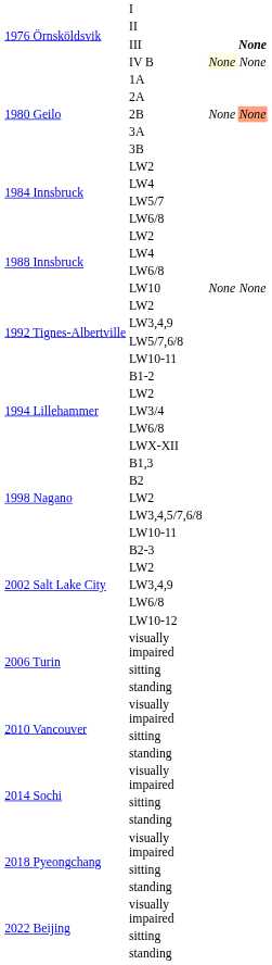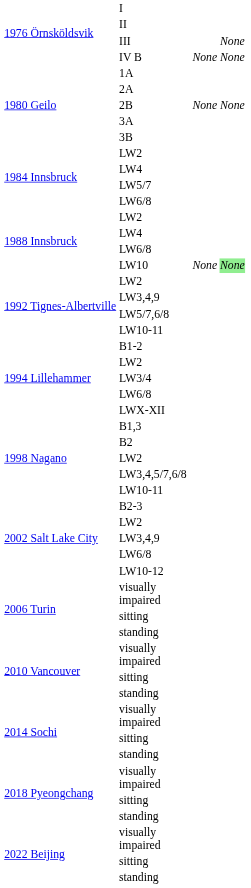 <table>
 <tr>
 <td rowspan="4"><a href='#'>1976 Örnsköldsvik</a><br></td>
 <td>I</td>
 <td></td>
 <td></td>
 <td></td>
 </tr>
 <tr>
 <td>II</td>
 <td></td>
 <td></td>
 <td></td>
 </tr>
 <tr>
 <td>III</td>
 <td></td>
 <td></td>
-<td align="center"><strong><em>None</em></strong></td>
+<td align="center"><em>None</em></td>
 </tr>
 <tr>
 <td>IV B</td>
 <td></td>
-<td align="center" style="background: lightyellow;"><em>None</em></td>
+<td align="center"><em>None</em></td>
 <td align="center"><em>None</em></td>
 </tr>
 <tr>
 <td rowspan="5"><a href='#'>1980 Geilo</a><br></td>
 <td>1A</td>
 <td></td>
 <td></td>
 <td></td>
 </tr>
 <tr>
 <td>2A</td>
 <td></td>
 <td></td>
 <td></td>
 </tr>
 <tr>
 <td>2B</td>
 <td></td>
 <td align="center"><em>None</em></td>
-<td align="center" style="background: lightsalmon;"><em>None</em></td>
+<td align="center"><em>None</em></td>
 </tr>
 <tr>
 <td>3A</td>
 <td></td>
 <td></td>
 <td></td>
 </tr>
 <tr>
 <td>3B</td>
 <td></td>
 <td></td>
 <td></td>
 </tr>
 <tr>
 <td rowspan="4"><a href='#'>1984 Innsbruck</a><br></td>
 <td>LW2</td>
 <td></td>
 <td></td>
 <td></td>
 </tr>
 <tr>
 <td>LW4</td>
 <td></td>
 <td></td>
 <td></td>
 </tr>
 <tr>
 <td>LW5/7</td>
 <td></td>
 <td></td>
 <td></td>
 </tr>
 <tr>
 <td>LW6/8</td>
 <td></td>
 <td></td>
 <td></td>
 </tr>
 <tr>
 <td rowspan="4"><a href='#'>1988 Innsbruck</a><br></td>
 <td>LW2</td>
 <td></td>
 <td></td>
 <td></td>
 </tr>
 <tr>
 <td>LW4</td>
 <td></td>
 <td></td>
 <td></td>
 </tr>
 <tr>
 <td>LW6/8</td>
 <td></td>
 <td></td>
 <td></td>
 </tr>
 <tr>
 <td>LW10</td>
 <td></td>
 <td align="center"><em>None</em></td>
-<td align="center"><em>None</em></td>
+<td align="center" style="background: lightgreen;"><em>None</em></td>
 </tr>
 <tr>
 <td rowspan="4"><a href='#'>1992 Tignes-Albertville</a><br></td>
 <td>LW2</td>
 <td></td>
 <td></td>
 <td></td>
 </tr>
 <tr>
 <td>LW3,4,9</td>
 <td></td>
 <td></td>
 <td></td>
 </tr>
 <tr>
 <td>LW5/7,6/8</td>
 <td></td>
 <td></td>
 <td></td>
 </tr>
 <tr>
 <td>LW10-11</td>
 <td></td>
 <td></td>
 <td></td>
 </tr>
 <tr>
 <td rowspan="5"><a href='#'>1994 Lillehammer</a><br></td>
 <td>B1-2</td>
 <td></td>
 <td></td>
 <td></td>
 </tr>
 <tr>
 <td>LW2</td>
 <td></td>
 <td></td>
 <td></td>
 </tr>
 <tr>
 <td>LW3/4</td>
 <td></td>
 <td></td>
 <td></td>
 </tr>
 <tr>
 <td>LW6/8</td>
 <td></td>
 <td></td>
 <td></td>
 </tr>
 <tr>
 <td>LWX-XII</td>
 <td></td>
 <td></td>
 <td></td>
 </tr>
 <tr>
 <td rowspan="5"><a href='#'>1998 Nagano</a><br></td>
 <td>B1,3</td>
 <td></td>
 <td></td>
 <td></td>
 </tr>
 <tr>
 <td>B2</td>
 <td></td>
 <td></td>
 <td></td>
 </tr>
 <tr>
 <td>LW2</td>
 <td></td>
 <td></td>
 <td></td>
 </tr>
 <tr>
 <td>LW3,4,5/7,6/8</td>
 <td></td>
 <td></td>
 <td></td>
 </tr>
 <tr>
 <td>LW10-11</td>
 <td></td>
 <td></td>
 <td></td>
 </tr>
 <tr>
 <td rowspan="5"><a href='#'>2002 Salt Lake City</a><br></td>
 <td>B2-3</td>
 <td></td>
 <td></td>
 <td></td>
 </tr>
 <tr>
 <td>LW2</td>
 <td></td>
 <td></td>
 <td></td>
 </tr>
 <tr>
 <td>LW3,4,9</td>
 <td></td>
 <td></td>
 <td></td>
 </tr>
 <tr>
 <td>LW6/8</td>
 <td></td>
 <td></td>
 <td></td>
 </tr>
 <tr>
 <td>LW10-12</td>
 <td></td>
 <td></td>
 <td></td>
 </tr>
 <tr>
 <td rowspan="3"><a href='#'>2006 Turin</a><br></td>
 <td>visually <br>impaired</td>
 <td></td>
 <td></td>
 <td></td>
 </tr>
 <tr>
 <td>sitting</td>
 <td></td>
 <td></td>
 <td></td>
 </tr>
 <tr>
 <td>standing</td>
 <td></td>
 <td></td>
 <td></td>
 </tr>
 <tr>
 <td rowspan="3"><a href='#'>2010 Vancouver</a><br></td>
 <td>visually <br>impaired</td>
 <td></td>
 <td></td>
 <td></td>
 </tr>
 <tr>
 <td>sitting</td>
 <td></td>
 <td></td>
 <td></td>
 </tr>
 <tr>
 <td>standing</td>
 <td></td>
 <td></td>
 <td></td>
 </tr>
 <tr>
 <td rowspan="3"><a href='#'>2014 Sochi</a><br></td>
 <td>visually <br>impaired</td>
 <td></td>
 <td></td>
 <td></td>
 </tr>
 <tr>
 <td>sitting</td>
 <td></td>
 <td></td>
 <td></td>
 </tr>
 <tr>
 <td>standing</td>
 <td></td>
 <td></td>
 <td></td>
 </tr>
 <tr>
 <td rowspan="3"><a href='#'>2018 Pyeongchang</a><br></td>
 <td>visually <br>impaired</td>
 <td></td>
 <td></td>
 <td></td>
 </tr>
 <tr>
 <td>sitting</td>
 <td></td>
 <td></td>
 <td></td>
 </tr>
 <tr>
 <td>standing</td>
 <td></td>
 <td></td>
 <td></td>
 </tr>
 <tr>
 <td rowspan="3"><a href='#'>2022 Beijing</a><br></td>
 <td>visually <br>impaired</td>
 <td></td>
 <td></td>
 <td></td>
 </tr>
 <tr>
 <td>sitting</td>
 <td></td>
 <td></td>
 <td></td>
 </tr>
 <tr>
 <td>standing</td>
 <td></td>
 <td></td>
 <td></td>
 </tr>
 </table>
